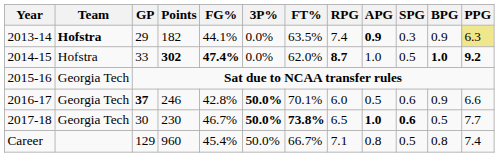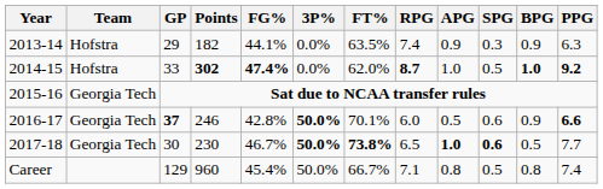 <table class="wikitable">
 <tr>
 <th>Year</th>
 <th>Team</th>
 <th>GP</th>
 <th>Points</th>
 <th>FG%</th>
 <th>3P%</th>
 <th>FT%</th>
 <th>RPG</th>
 <th>APG</th>
 <th>SPG</th>
 <th>BPG</th>
 <th>PPG</th>
 </tr>
 <tr>
 <td>2013-14</td>
-<td><strong>Hofstra</strong></td>
+<td>Hofstra</td>
 <td>29</td>
 <td>182</td>
 <td>44.1%</td>
 <td>0.0%</td>
 <td>63.5%</td>
 <td>7.4</td>
-<td><strong>0.9</strong></td>
+<td>0.9</td>
 <td>0.3</td>
 <td>0.9</td>
-<td style="background: khaki;">6.3</td>
+<td>6.3</td>
 </tr>
 <tr>
 <td>2014-15</td>
 <td>Hofstra</td>
 <td>33</td>
 <td><strong>302</strong></td>
 <td><strong>47.4%</strong></td>
 <td>0.0%</td>
 <td>62.0%</td>
 <td><strong>8.7</strong></td>
 <td>1.0</td>
 <td>0.5</td>
 <td><strong>1.0</strong></td>
 <td><strong>9.2</strong></td>
 </tr>
 <tr>
 <td>2015-16</td>
 <td>Georgia Tech</td>
 <td align=center colspan="10"><strong>Sat due to NCAA transfer rules</strong></td>
 </tr>
 <tr>
 <td>2016-17</td>
 <td>Georgia Tech</td>
 <td><strong>37</strong></td>
 <td>246</td>
 <td>42.8%</td>
 <td><strong>50.0%</strong></td>
 <td>70.1%</td>
 <td>6.0</td>
 <td>0.5</td>
 <td>0.6</td>
 <td>0.9</td>
-<td>6.6</td>
+<td><strong>6.6</strong></td>
 </tr>
 <tr>
 <td>2017-18</td>
 <td>Georgia Tech</td>
 <td>30</td>
 <td>230</td>
 <td>46.7%</td>
 <td><strong>50.0%</strong></td>
 <td><strong>73.8%</strong></td>
 <td>6.5</td>
 <td><strong>1.0</strong></td>
 <td><strong>0.6</strong></td>
 <td>0.5</td>
 <td>7.7</td>
 </tr>
 <tr>
 <td>Career</td>
 <td></td>
 <td>129</td>
 <td>960</td>
 <td>45.4%</td>
 <td>50.0%</td>
 <td>66.7%</td>
 <td>7.1</td>
 <td>0.8</td>
 <td>0.5</td>
 <td>0.8</td>
 <td>7.4</td>
 </tr>
 </table>
